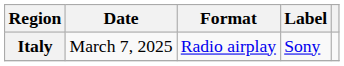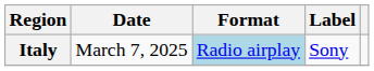 <table class="wikitable plainrowheaders">
 <tr>
 <th scope="col">Region</th>
 <th scope="col">Date</th>
 <th scope="col">Format</th>
 <th scope="col">Label</th>
 <th scope="col"></th>
 </tr>
 <tr>
 <th scope="row">Italy</th>
 <td>March 7, 2025</td>
-<td><a href='#'>Radio airplay</a></td>
+<td style="background: lightblue;"><a href='#'>Radio airplay</a></td>
 <td><a href='#'>Sony</a></td>
 <td style="text-align:center"></td>
 </tr>
 <tr>
 </tr>
 </table>
